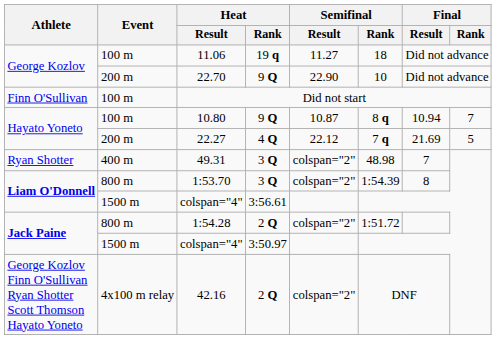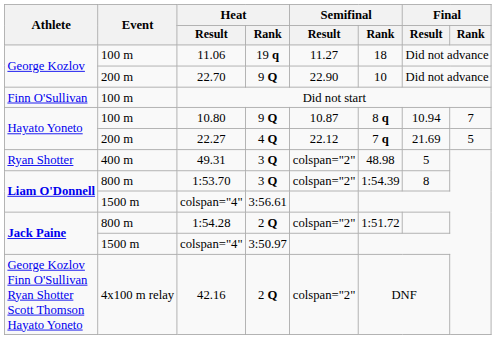 <table class="wikitable" style="font-size:90%">
 <tr>
 <th rowspan="2">Athlete</th>
 <th rowspan="2">Event</th>
 <th colspan="2">Heat</th>
 <th colspan="2">Semifinal</th>
 <th colspan="2">Final</th>
 </tr>
 <tr style="font-size:95%">
 <th>Result</th>
 <th>Rank</th>
 <th>Result</th>
 <th>Rank</th>
 <th>Result</th>
 <th>Rank</th>
 </tr>
 <tr align=center>
 <td align=left rowspan=2><a href='#'>George Kozlov</a></td>
 <td align=left>100 m</td>
 <td>11.06</td>
 <td>19 <strong>q</strong></td>
 <td>11.27</td>
 <td>18</td>
 <td colspan="2">Did not advance</td>
 </tr>
 <tr align=center>
 <td align=left>200 m</td>
 <td>22.70</td>
 <td>9 <strong>Q</strong></td>
 <td>22.90</td>
 <td>10</td>
 <td colspan="2">Did not advance</td>
 </tr>
 <tr align=center>
 <td style=text-align:left><a href='#'>Finn O'Sullivan</a></td>
 <td align=left>100 m</td>
 <td colspan="6">Did not start</td>
 </tr>
 <tr align=center>
 <td align=left rowspan=2><a href='#'>Hayato Yoneto</a></td>
 <td align=left>100 m</td>
 <td>10.80</td>
 <td>9 <strong>Q</strong></td>
 <td>10.87</td>
 <td>8 <strong>q</strong></td>
 <td>10.94</td>
 <td>7</td>
 </tr>
 <tr align=center>
 <td align=left>200 m</td>
 <td>22.27</td>
 <td>4 <strong>Q</strong></td>
 <td>22.12</td>
 <td>7 <strong>q</strong></td>
 <td>21.69</td>
 <td>5</td>
 </tr>
 <tr style=text-align:center>
 <td align=left><a href='#'>Ryan Shotter</a></td>
 <td style=text-align:left>400 m</td>
 <td>49.31</td>
 <td>3 <strong>Q</strong></td>
 <td>colspan="2" </td>
 <td>48.98</td>
-<td>7</td>
+<td>5</td>
 </tr>
 <tr style=text-align:center>
 <td style=text-align:left rowspan=2><strong><a href='#'>Liam O'Donnell</a></strong></td>
 <td style=text-align:left>800 m</td>
 <td>1:53.70</td>
 <td>3 <strong>Q</strong></td>
 <td>colspan="2" </td>
 <td>1:54.39</td>
 <td>8</td>
 </tr>
 <tr align=center>
 <td align=left>1500 m</td>
 <td>colspan="4" </td>
 <td>3:56.61</td>
 <td></td>
 </tr>
 <tr style=text-align:center>
 <td style=text-align:left rowspan=2><strong><a href='#'>Jack Paine</a></strong></td>
 <td style=text-align:left>800 m</td>
 <td>1:54.28</td>
 <td>2 <strong>Q</strong></td>
 <td>colspan="2" </td>
 <td>1:51.72</td>
 <td></td>
 </tr>
 <tr align=center>
 <td align=left>1500 m</td>
 <td>colspan="4" </td>
 <td>3:50.97</td>
 <td></td>
 </tr>
 <tr style=text-align:center>
 <td style=text-align:left><a href='#'>George Kozlov</a><br><a href='#'>Finn O'Sullivan</a><br><a href='#'>Ryan Shotter</a><br><a href='#'>Scott Thomson</a><br><a href='#'>Hayato Yoneto</a></td>
 <td style=text-align:left>4x100 m relay</td>
 <td>42.16</td>
 <td>2 <strong>Q</strong></td>
 <td>colspan="2" </td>
 <td colspan="2">DNF</td>
 </tr>
 </table>
